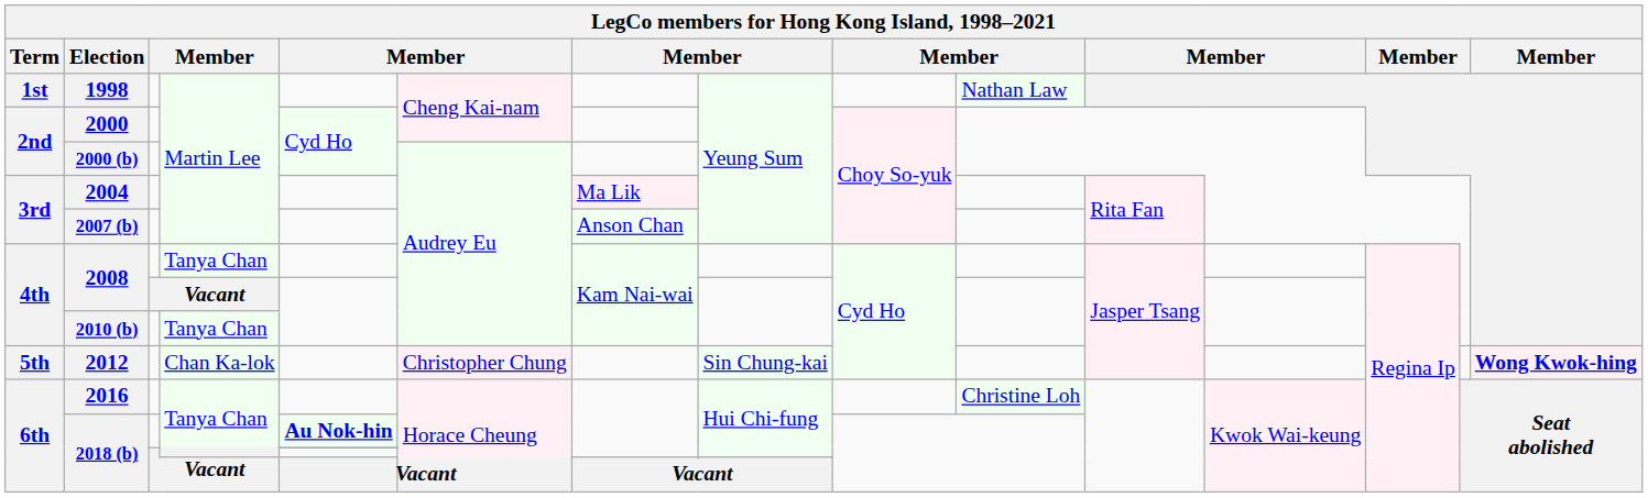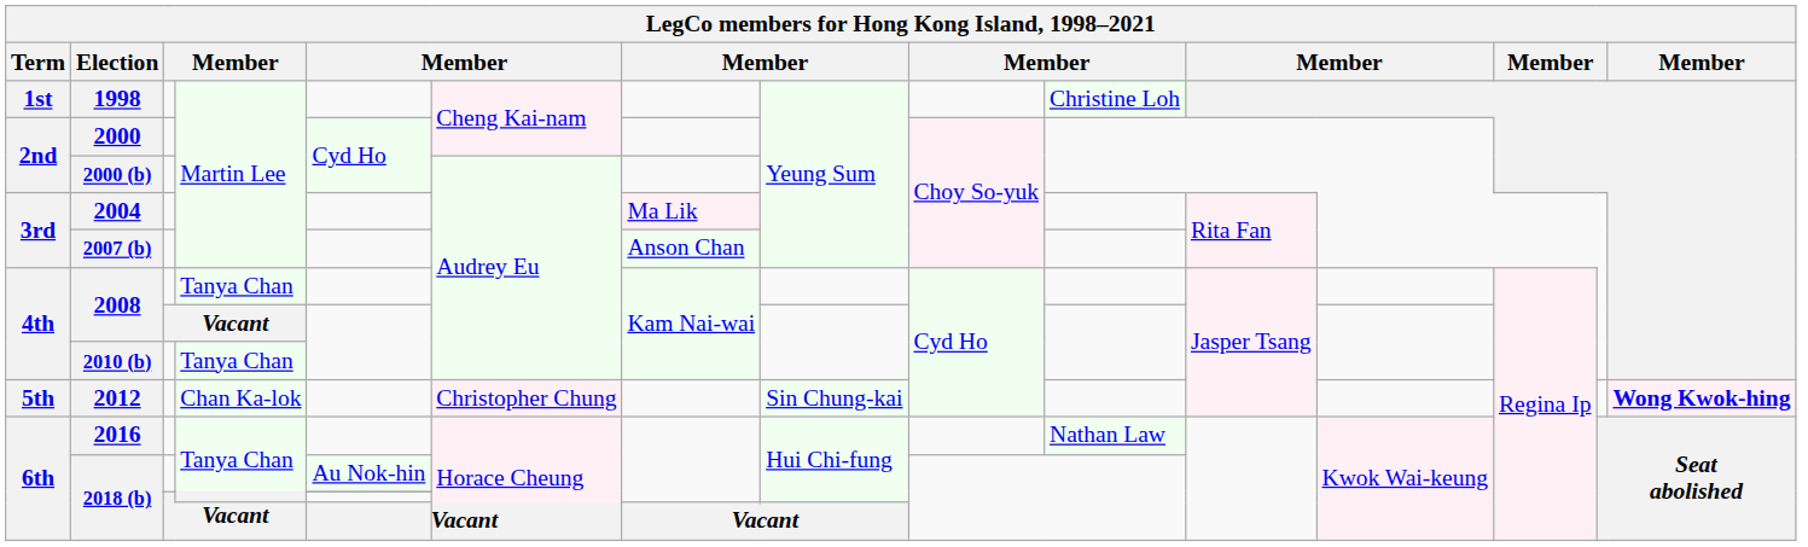 <table class="wikitable" style="text-align:left">
 <tr>
 <th colspan = 20>LegCo members for Hong Kong Island, 1998–2021</th>
 </tr>
 <tr>
 <th>Term</th>
 <th>Election</th>
 <th colspan="2" width="50px">Member</th>
 <th colspan="2" width="50px">Member</th>
 <th colspan="2" width="50px">Member</th>
 <th colspan="2" width="50px">Member</th>
 <th colspan="2" width="50px">Member</th>
 <th colspan="2" width="50px">Member</th>
 <th colspan="2" width="50px">Member</th>
 </tr>
 <tr>
 <th><a href='#'>1st</a></th>
 <th><a href='#'>1998</a></th>
 <td style="color:inherit;background:"></td>
 <td rowspan="5" bgcolor=Honeydew><a href='#'>Martin Lee</a> <br></td>
 <td style="color:inherit;background:"></td>
 <td rowspan="2" bgcolor=LavenderBlush><a href='#'>Cheng Kai-nam</a> <br></td>
 <td style="color:inherit;background:"></td>
 <td rowspan="5" bgcolor=Honeydew><a href='#'>Yeung Sum</a> <br></td>
 <td style="color:inherit;background:"></td>
-<td bgcolor=Honeydew><a href='#'>Nathan Law</a> <br></td>
+<td bgcolor=Honeydew><a href='#'>Christine Loh</a> <br></td>
 <th colspan=2 style=border-right-style:hidden;></th>
 <th rowspan=3 colspan=2 style=border-right-style:hidden;></th>
 <th rowspan=8 colspan=2></th>
 </tr>
 <tr>
 <th rowspan=2><a href='#'>2nd</a></th>
 <th><a href='#'>2000</a></th>
 <td style="color:inherit;background:"></td>
 <td rowspan="2" bgcolor=Honeydew><a href='#'>Cyd Ho</a> <br></td>
 <td style="color:inherit;background:"></td>
 <td rowspan="4" bgcolor=LavenderBlush><a href='#'>Choy So-yuk</a> <br></td>
 </tr>
 <tr>
 <th><small><a href='#'>2000 (b)</a></small></th>
 <td style="color:inherit;background:"></td>
 <td rowspan="6" bgcolor=Honeydew><a href='#'>Audrey Eu</a> <br></td>
 </tr>
 <tr>
 <th rowspan=2><a href='#'>3rd</a></th>
 <th><a href='#'>2004</a></th>
 <td style="color:inherit;background:"></td>
 <td style="color:inherit;background:"></td>
 <td bgcolor=LavenderBlush><a href='#'>Ma Lik</a> <br></td>
 <td style="color:inherit;background:"></td>
 <td rowspan="2" bgcolor=LavenderBlush><a href='#'>Rita Fan</a> <br></td>
 </tr>
 <tr>
 <th><small><a href='#'>2007 (b)</a></small></th>
 <td style="color:inherit;background:"></td>
 <td style="color:inherit;background:"></td>
 <td bgcolor=Honeydew><a href='#'>Anson Chan</a> <br></td>
 </tr>
 <tr>
 <th rowspan="3"><a href='#'>4th</a></th>
 <th rowspan=2><a href='#'>2008</a></th>
 <td style="color:inherit;background:"></td>
 <td rowspan="1" bgcolor=Honeydew><a href='#'>Tanya Chan</a> <br></td>
 <td style="color:inherit;background:"></td>
 <td rowspan="3" bgcolor=Honeydew><a href='#'>Kam Nai-wai</a> <br></td>
 <td style="color:inherit;background:"></td>
 <td rowspan="4" bgcolor=Honeydew><a href='#'>Cyd Ho</a> <br></td>
 <td style="color:inherit;background:"></td>
 <td rowspan="4" bgcolor=LavenderBlush><a href='#'>Jasper Tsang</a> <br></td>
 <td style="color:inherit;background:"></td>
 <td rowspan="10" bgcolor=LavenderBlush><a href='#'>Regina Ip</a> <br></td>
 </tr>
 <tr>
 <th colspan=2 rowspan=1><em>Vacant</em></th>
 </tr>
 <tr>
 <th><small><a href='#'>2010 (b)</a></small></th>
 <td style="color:inherit;background:"></td>
 <td rowspan="1" bgcolor=Honeydew><a href='#'>Tanya Chan</a> <br></td>
 </tr>
 <tr>
 <th><a href='#'>5th</a></th>
 <th><a href='#'>2012</a></th>
 <td style="color:inherit;background:"></td>
 <td bgcolor=Honeydew><a href='#'>Chan Ka-lok</a> <br></td>
 <td style="color:inherit;background:"></td>
 <td bgcolor=LavenderBlush><a href='#'>Christopher Chung</a> <br></td>
 <td style="color:inherit;background:"></td>
 <td bgcolor=Honeydew><a href='#'>Sin Chung-kai</a> <br></td>
 <td style="color:inherit;background:"></td>
 <td style="color:inherit;background:"></td>
 <td style="color:inherit;background:"></td>
 <td bgcolor=LavenderBlush><strong><a href='#'>Wong Kwok-hing</a> <br></strong></td>
 </tr>
 <tr>
 <th rowspan=6><a href='#'>6th</a></th>
 <th><a href='#'>2016</a></th>
 <td style="color:inherit;background:"></td>
 <td rowspan=4 bgcolor=Honeydew><a href='#'>Tanya Chan</a> <br></td>
 <td style="color:inherit;background:"></td>
 <td rowspan=6 bgcolor=LavenderBlush><a href='#'>Horace Cheung</a> <br></td>
 <td rowspan=5 style="color:inherit;background:"></td>
 <td rowspan=5 bgcolor=Honeydew><a href='#'>Hui Chi-fung</a> <br></td>
 <td style="color:inherit;background:"></td>
-<td bgcolor=Honeydew><a href='#'>Christine Loh</a> <br></td>
+<td bgcolor=Honeydew><a href='#'>Nathan Law</a> <br></td>
 <td rowspan=6 style="color:inherit;background:"></td>
 <td rowspan=6 bgcolor=LavenderBlush><a href='#'>Kwok Wai-keung</a> <br></td>
 <th colspan=2  rowspan=6><em>Seat<br>abolished</em></th>
 </tr>
 <tr>
 <th rowspan=5><small><a href='#'>2018 (b)</a></small></th>
 <td style="color:inherit;background:"></td>
-<td bgcolor=Honeydew><strong><a href='#'>Au Nok-hin</a> <br></strong></td>
+<td bgcolor=Honeydew><a href='#'>Au Nok-hin</a> <br></td>
 </tr>
 <tr>
 <th colspan=2 rowspan=5><em>Vacant</em></th>
 </tr>
 <tr>
 <td style="color:inherit;background:"></td>
 </tr>
 <tr>
 <th colspan=2 rowspan=2><em>Vacant</em></th>
 </tr>
 <tr>
 <th colspan=2><em>Vacant</em></th>
 </tr>
 </table>
